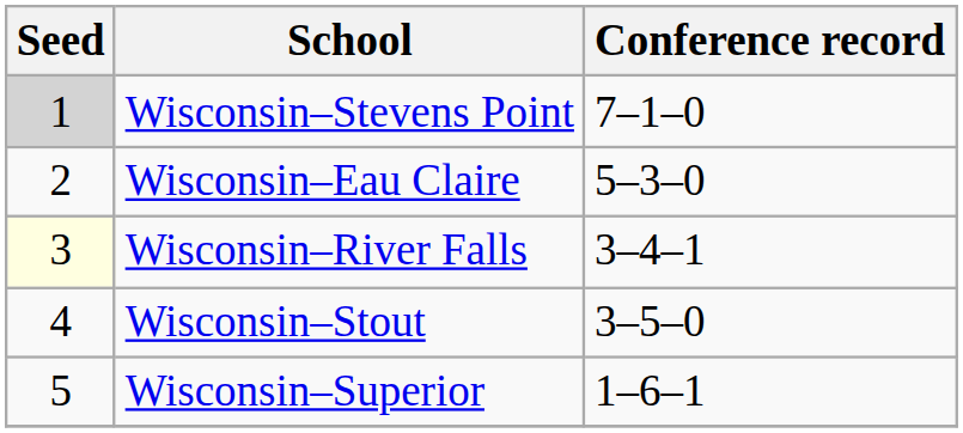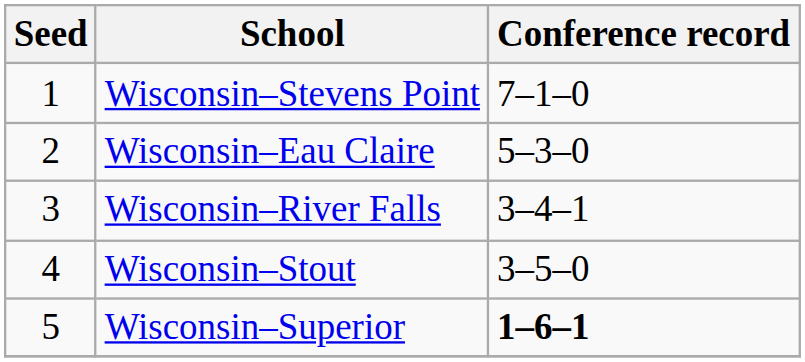 <table class="wikitable">
 <tr>
 <th>Seed</th>
 <th>School</th>
 <th>Conference record</th>
 </tr>
 <tr>
-<td align=center style="background: lightgrey;">1</td>
+<td align=center>1</td>
 <td><a href='#'>Wisconsin–Stevens Point</a></td>
 <td>7–1–0</td>
 </tr>
 <tr>
 <td align=center>2</td>
 <td><a href='#'>Wisconsin–Eau Claire</a></td>
 <td>5–3–0</td>
 </tr>
 <tr>
-<td align=center style="background: lightyellow;">3</td>
+<td align=center>3</td>
 <td><a href='#'>Wisconsin–River Falls</a></td>
 <td>3–4–1</td>
 </tr>
 <tr>
 <td align=center>4</td>
 <td><a href='#'>Wisconsin–Stout</a></td>
 <td>3–5–0</td>
 </tr>
 <tr>
 <td align=center>5</td>
 <td><a href='#'>Wisconsin–Superior</a></td>
-<td>1–6–1</td>
+<td><strong>1–6–1</strong></td>
 </tr>
 <tr>
 </tr>
 </table>
